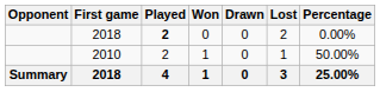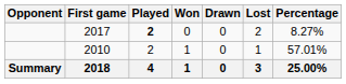 <table class="wikitable" style="text-align: center;">
 <tr>
 <th>Opponent</th>
 <th>First game</th>
 <th>Played</th>
 <th>Won</th>
 <th>Drawn</th>
 <th>Lost</th>
 <th>Percentage</th>
 </tr>
 <tr>
 <td style="text-align: left;"></td>
-<td>2018</td>
+<td>2017</td>
 <td><strong>2</strong></td>
 <td>0</td>
 <td>0</td>
 <td>2</td>
-<td>0.00%</td>
+<td>8.27%</td>
 </tr>
 <tr>
 <td style="text-align: left;"></td>
 <td>2010</td>
 <td>2</td>
 <td>1</td>
 <td>0</td>
 <td>1</td>
-<td>50.00%</td>
+<td>57.01%</td>
 </tr>
 <tr>
 <th>Summary</th>
 <th>2018</th>
 <th>4</th>
 <th>1</th>
 <th>0</th>
 <th>3</th>
 <th>25.00%</th>
 </tr>
 </table>
